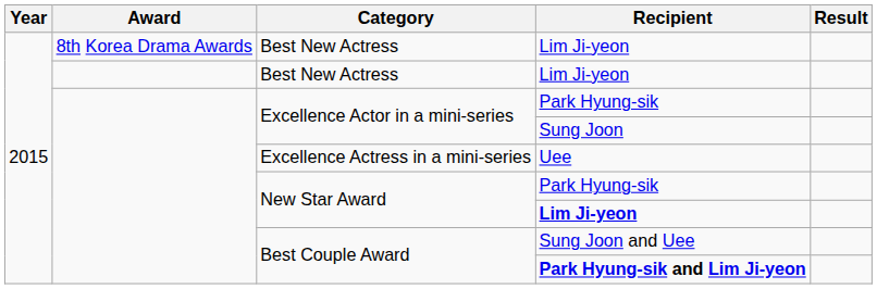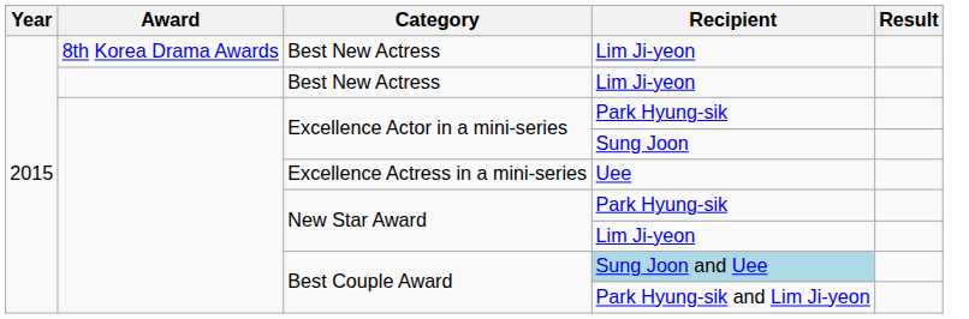 <table class="wikitable">
 <tr>
 <th>Year</th>
 <th>Award</th>
 <th>Category</th>
 <th>Recipient</th>
 <th>Result</th>
 </tr>
 <tr>
 <td rowspan="9">2015</td>
 <td><a href='#'>8th</a> <a href='#'>Korea Drama Awards</a></td>
 <td>Best New Actress</td>
 <td><a href='#'>Lim Ji-yeon</a></td>
 <td></td>
 </tr>
 <tr>
 <td></td>
 <td>Best New Actress</td>
 <td><a href='#'>Lim Ji-yeon</a></td>
 <td></td>
 </tr>
 <tr>
 <td rowspan="7"></td>
 <td rowspan="2">Excellence Actor in a mini-series</td>
 <td><a href='#'>Park Hyung-sik</a></td>
 <td></td>
 </tr>
 <tr>
 <td><a href='#'>Sung Joon</a></td>
 <td></td>
 </tr>
 <tr>
 <td>Excellence Actress in a mini-series</td>
 <td><a href='#'>Uee</a></td>
 <td></td>
 </tr>
 <tr>
 <td rowspan="2">New Star Award</td>
 <td><a href='#'>Park Hyung-sik</a></td>
 <td></td>
 </tr>
 <tr>
-<td><strong><a href='#'>Lim Ji-yeon</a></strong></td>
+<td><a href='#'>Lim Ji-yeon</a></td>
 <td></td>
 </tr>
 <tr>
 <td rowspan="2">Best Couple Award</td>
-<td><a href='#'>Sung Joon</a> and <a href='#'>Uee</a></td>
+<td style="background: lightblue;"><a href='#'>Sung Joon</a> and <a href='#'>Uee</a></td>
 <td></td>
 </tr>
 <tr>
-<td><strong><a href='#'>Park Hyung-sik</a> and <a href='#'>Lim Ji-yeon</a></strong></td>
+<td><a href='#'>Park Hyung-sik</a> and <a href='#'>Lim Ji-yeon</a></td>
 <td></td>
 </tr>
 </table>
